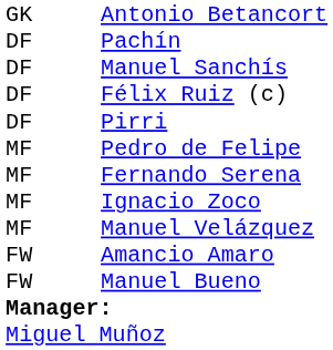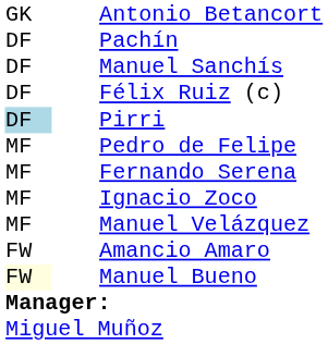 <table cellspacing="0" cellpadding="0" style="font-size:90%; margin:0.2em auto;">
 <tr>
 <th width="25"></th>
 <th width="25"></th>
 </tr>
 <tr>
 <td>GK</td>
 <td><strong> </strong></td>
 <td> <a href='#'>Antonio Betancort</a></td>
 </tr>
 <tr>
 <td>DF</td>
 <td><strong> </strong></td>
 <td> <a href='#'>Pachín</a></td>
 </tr>
 <tr>
 <td>DF</td>
 <td><strong> </strong></td>
 <td> <a href='#'>Manuel Sanchís</a></td>
 </tr>
 <tr>
 <td>DF</td>
 <td><strong> </strong></td>
 <td> <a href='#'>Félix Ruiz</a> (c)</td>
 </tr>
 <tr>
-<td>DF</td>
+<td style="background: lightblue;">DF</td>
 <td><strong> </strong></td>
 <td> <a href='#'>Pirri</a></td>
 </tr>
 <tr>
 <td>MF</td>
 <td><strong> </strong></td>
 <td> <a href='#'>Pedro de Felipe</a></td>
 </tr>
 <tr>
 <td>MF</td>
 <td><strong> </strong></td>
 <td> <a href='#'>Fernando Serena</a></td>
 </tr>
 <tr>
 <td>MF</td>
 <td><strong> </strong></td>
 <td> <a href='#'>Ignacio Zoco</a></td>
 </tr>
 <tr>
 <td>MF</td>
 <td><strong> </strong></td>
 <td> <a href='#'>Manuel Velázquez</a></td>
 </tr>
 <tr>
 <td>FW</td>
 <td><strong> </strong></td>
 <td> <a href='#'>Amancio Amaro</a></td>
 </tr>
 <tr>
-<td>FW</td>
+<td style="background: lightyellow;">FW</td>
 <td><strong> </strong></td>
 <td> <a href='#'>Manuel Bueno</a></td>
 </tr>
 <tr>
 <td colspan=3><strong>Manager:</strong></td>
 </tr>
 <tr>
 <td colspan=4> <a href='#'>Miguel Muñoz</a></td>
 </tr>
 </table>
